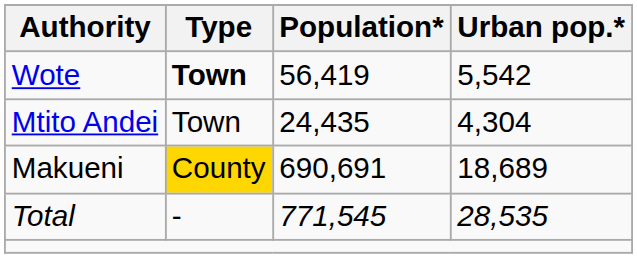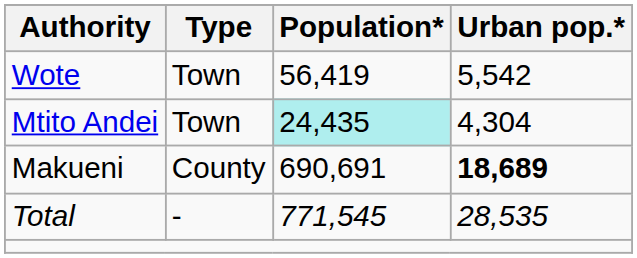 <table class="wikitable">
 <tr>
 </tr>
 <tr>
 <th>Authority</th>
 <th>Type</th>
 <th>Population*</th>
 <th>Urban pop.*</th>
 </tr>
 <tr>
 <td><a href='#'>Wote</a></td>
-<td><strong>Town</strong></td>
+<td>Town</td>
 <td>56,419</td>
 <td>5,542</td>
 </tr>
 <tr>
 <td><a href='#'>Mtito Andei</a></td>
 <td>Town</td>
-<td>24,435</td>
+<td style="background: paleturquoise;">24,435</td>
 <td>4,304</td>
 </tr>
 <tr>
 <td>Makueni</td>
-<td style="background: gold;">County</td>
+<td>County</td>
 <td>690,691</td>
-<td>18,689</td>
+<td><strong>18,689</strong></td>
 </tr>
 <tr>
 <td><em>Total</em></td>
 <td>-</td>
 <td><em>771,545</em></td>
 <td><em>28,535</em></td>
 </tr>
 <tr>
 <td colspan=5></td>
 </tr>
 </table>
